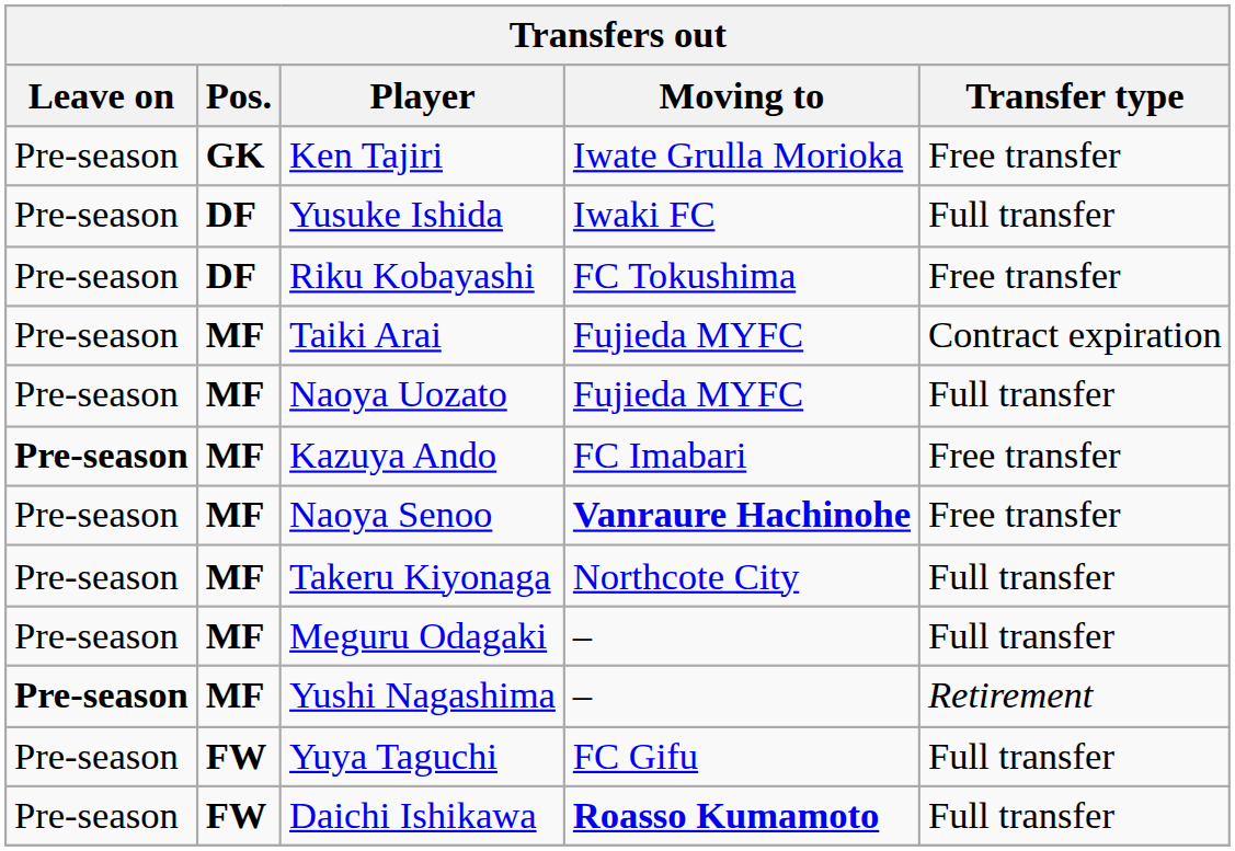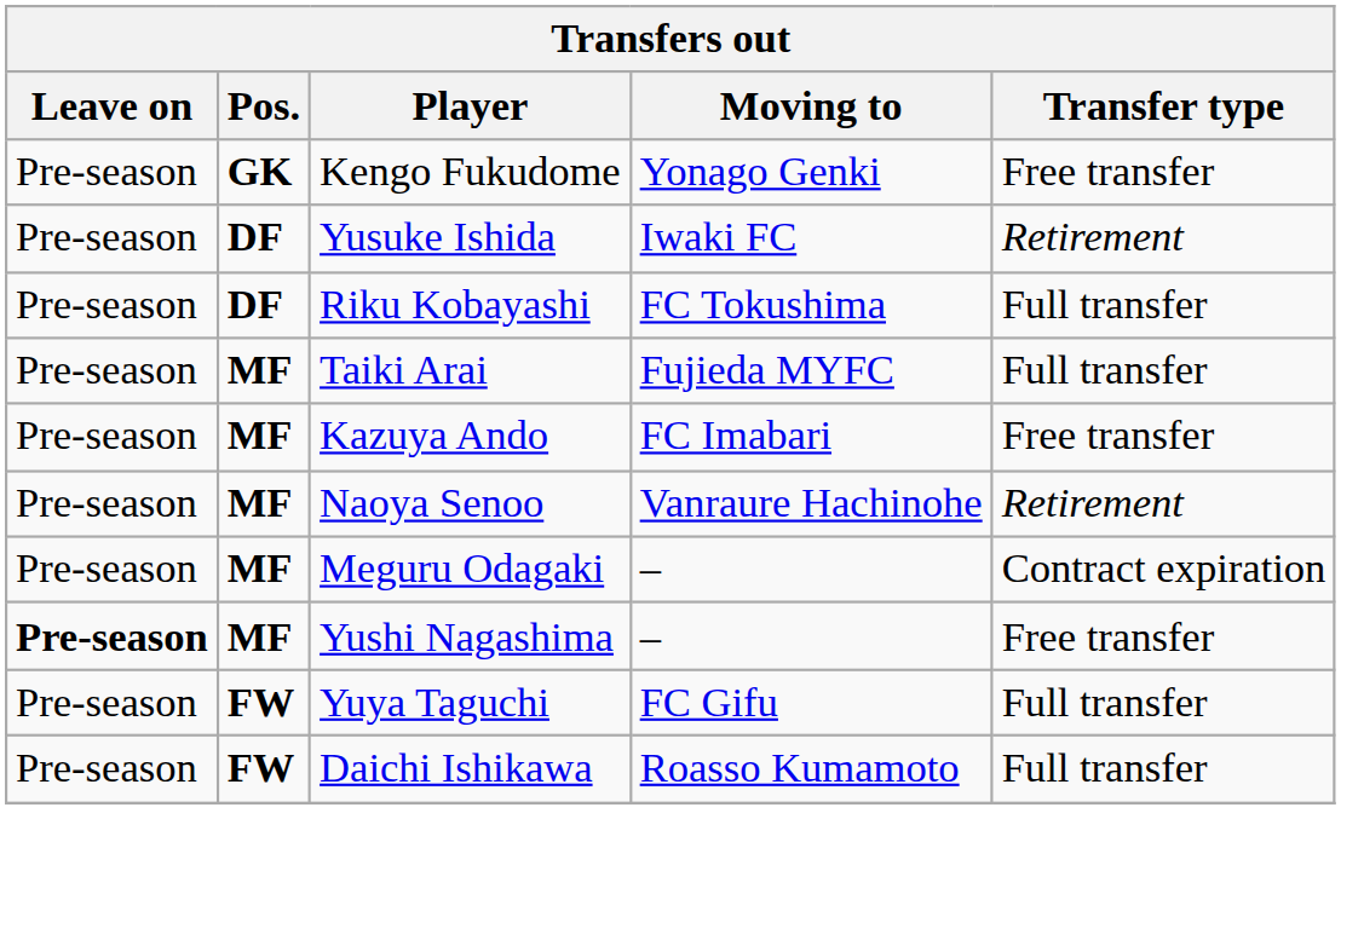 <table class="wikitable sortable" style=“text-align:left;>
 <tr>
 <th colspan="5">Transfers out</th>
 </tr>
 <tr>
 <th>Leave on</th>
 <th>Pos.</th>
 <th>Player</th>
 <th>Moving to</th>
 <th>Transfer type</th>
 </tr>
 <tr>
 <td>Pre-season</td>
 <td><strong>GK</strong></td>
-<td> <a href='#'>Ken Tajiri</a></td>
-<td> <a href='#'>Iwate Grulla Morioka</a></td>
+<td> Kengo Fukudome</td>
+<td> <a href='#'>Yonago Genki</a></td>
 <td>Free transfer</td>
 </tr>
 <tr>
 <td>Pre-season</td>
 <td><strong>DF</strong></td>
 <td> <a href='#'>Yusuke Ishida</a></td>
 <td> <a href='#'>Iwaki FC</a></td>
-<td>Full transfer</td>
+<td><em>Retirement</em></td>
 </tr>
 <tr>
 <td>Pre-season</td>
 <td><strong>DF</strong></td>
 <td> <a href='#'>Riku Kobayashi</a></td>
 <td> <a href='#'>FC Tokushima</a></td>
-<td>Free transfer</td>
+<td>Full transfer</td>
 </tr>
 <tr>
 <td>Pre-season</td>
 <td><strong>MF</strong></td>
 <td> <a href='#'>Taiki Arai</a></td>
 <td> <a href='#'>Fujieda MYFC</a></td>
-<td>Contract expiration</td>
+<td>Full transfer</td>
 </tr>
 <tr>
 <td>Pre-season</td>
-<td><strong>MF</strong></td>
-<td> <a href='#'>Naoya Uozato</a></td>
-<td> <a href='#'>Fujieda MYFC</a></td>
-<td>Full transfer</td>
-</tr>
-<tr>
-<td><strong>Pre-season</strong></td>
 <td><strong>MF</strong></td>
 <td> <a href='#'>Kazuya Ando</a></td>
 <td> <a href='#'>FC Imabari</a></td>
 <td>Free transfer</td>
 </tr>
 <tr>
 <td>Pre-season</td>
 <td><strong>MF</strong></td>
 <td> <a href='#'>Naoya Senoo</a></td>
-<td><strong> <a href='#'>Vanraure Hachinohe</a></strong></td>
-<td>Free transfer</td>
-</tr>
-<tr>
-<td>Pre-season</td>
-<td><strong>MF</strong></td>
-<td> <a href='#'>Takeru Kiyonaga</a></td>
-<td> <a href='#'>Northcote City</a></td>
-<td>Full transfer</td>
+<td> <a href='#'>Vanraure Hachinohe</a></td>
+<td><em>Retirement</em></td>
 </tr>
 <tr>
 <td>Pre-season</td>
 <td><strong>MF</strong></td>
 <td> <a href='#'>Meguru Odagaki</a></td>
 <td>–</td>
-<td>Full transfer</td>
+<td>Contract expiration</td>
 </tr>
 <tr>
 <td><strong>Pre-season</strong></td>
 <td><strong>MF</strong></td>
 <td> <a href='#'>Yushi Nagashima</a></td>
 <td>–</td>
-<td><em>Retirement</em></td>
+<td>Free transfer</td>
 </tr>
 <tr>
 <td>Pre-season</td>
 <td><strong>FW</strong></td>
 <td> <a href='#'>Yuya Taguchi</a></td>
 <td> <a href='#'>FC Gifu</a></td>
 <td>Full transfer</td>
 </tr>
 <tr>
 <td>Pre-season</td>
 <td><strong>FW</strong></td>
 <td> <a href='#'>Daichi Ishikawa</a></td>
-<td><strong> <a href='#'>Roasso Kumamoto</a></strong></td>
+<td> <a href='#'>Roasso Kumamoto</a></td>
 <td>Full transfer</td>
 </tr>
 <tr>
 </tr>
 </table>
